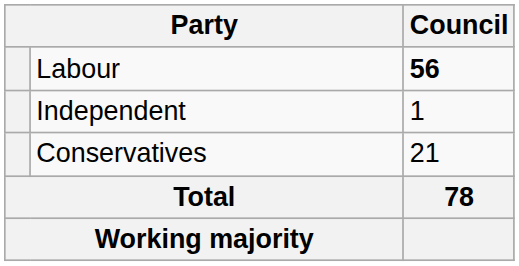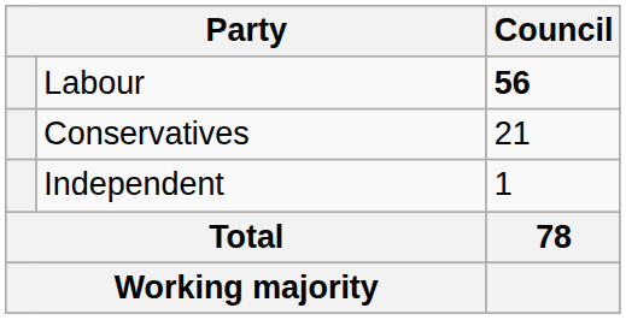 <table class="wikitable">
 <tr>
 <th colspan="2" valign="top" style="width: 230px">Party</th>
 <th valign="top" style="width: 30px">Council</th>
 </tr>
 <tr>
 <th style="background-color: "></th>
 <td>Labour</td>
 <td><strong>56</strong></td>
 </tr>
 <tr>
 <th style="background-color: "></th>
-<td>Independent</td>
-<td>1</td>
+<td>Conservatives</td>
+<td>21</td>
 </tr>
 <tr>
 <th style="background-color: "></th>
-<td>Conservatives</td>
-<td>21</td>
+<td>Independent</td>
+<td>1</td>
 </tr>
 <tr>
 <th colspan="2">Total</th>
 <th>78</th>
 </tr>
 <tr>
 <th colspan="2">Working majority</th>
 <th></th>
 </tr>
 </table>
